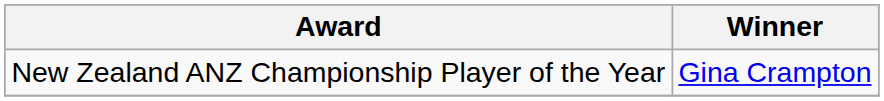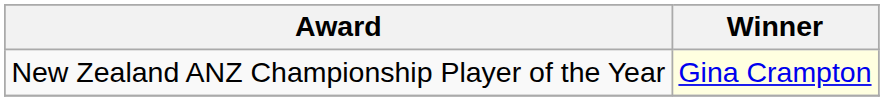 <table class="wikitable collapsible">
 <tr>
 <th>Award</th>
 <th>Winner</th>
 </tr>
 <tr>
 <td>New Zealand ANZ Championship Player of the Year</td>
-<td><a href='#'>Gina Crampton</a></td>
+<td style="background: lightyellow;"><a href='#'>Gina Crampton</a></td>
 </tr>
 <tr>
 </tr>
 </table>
